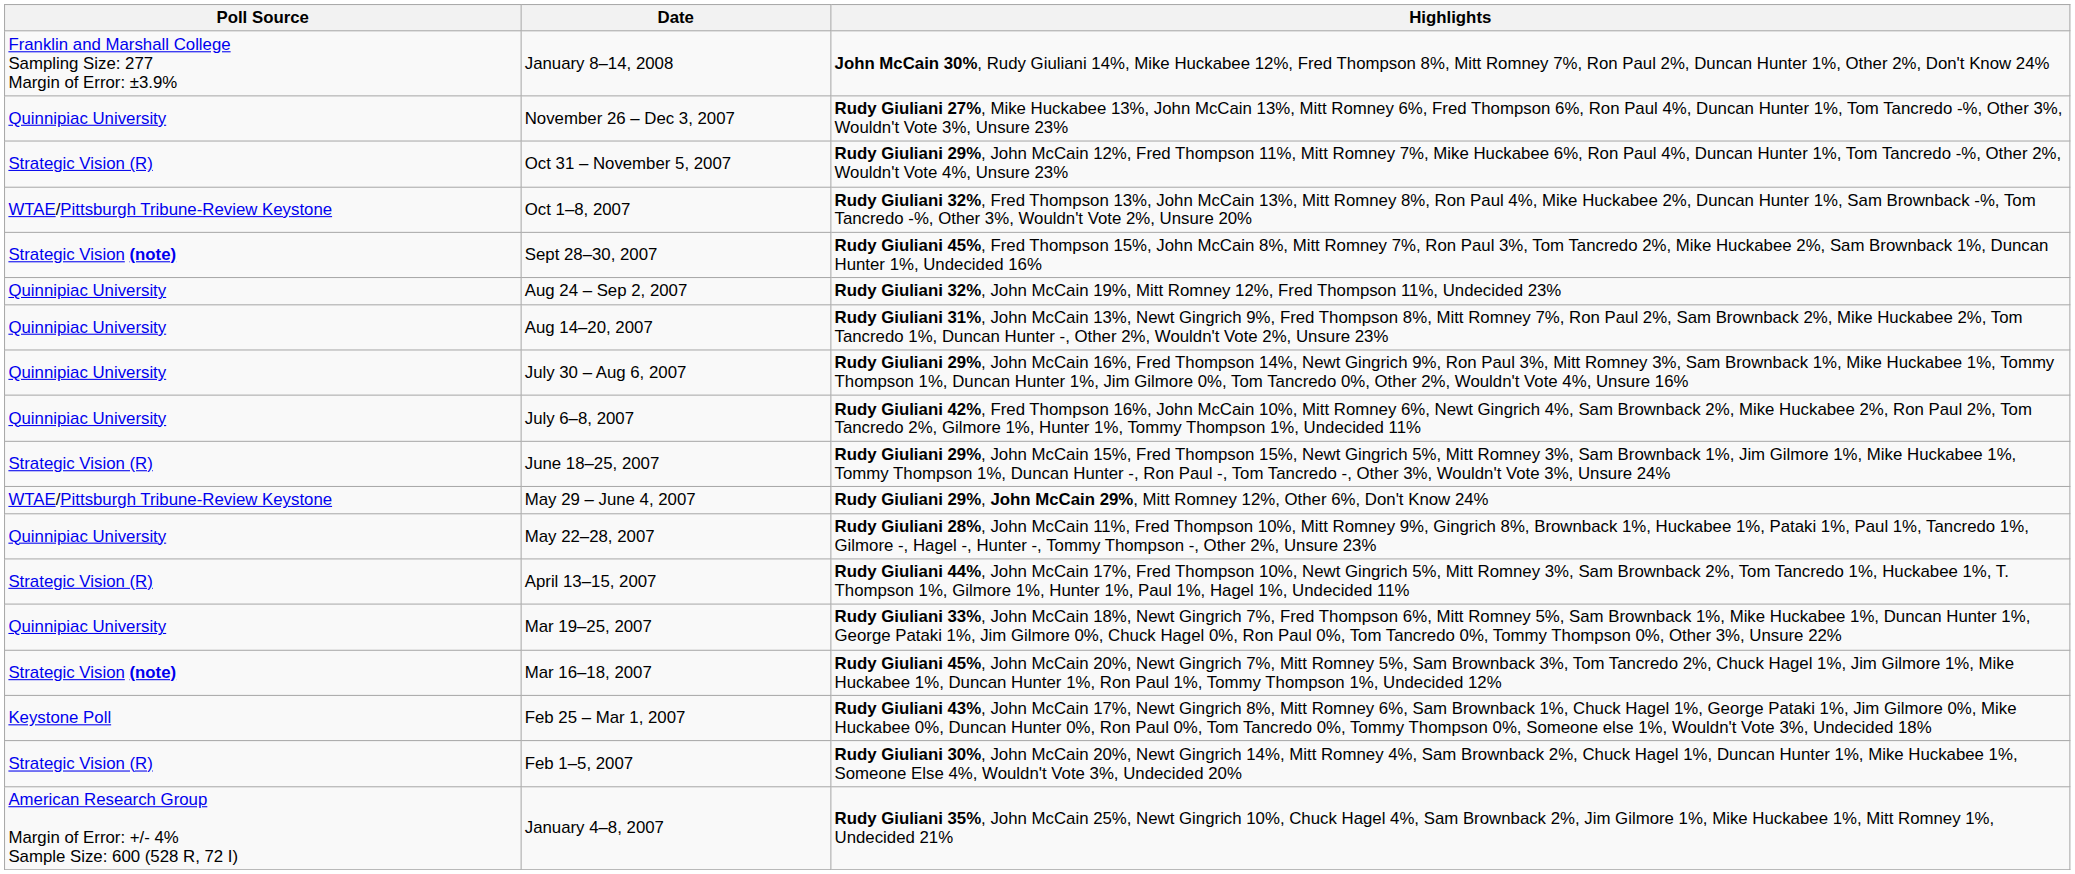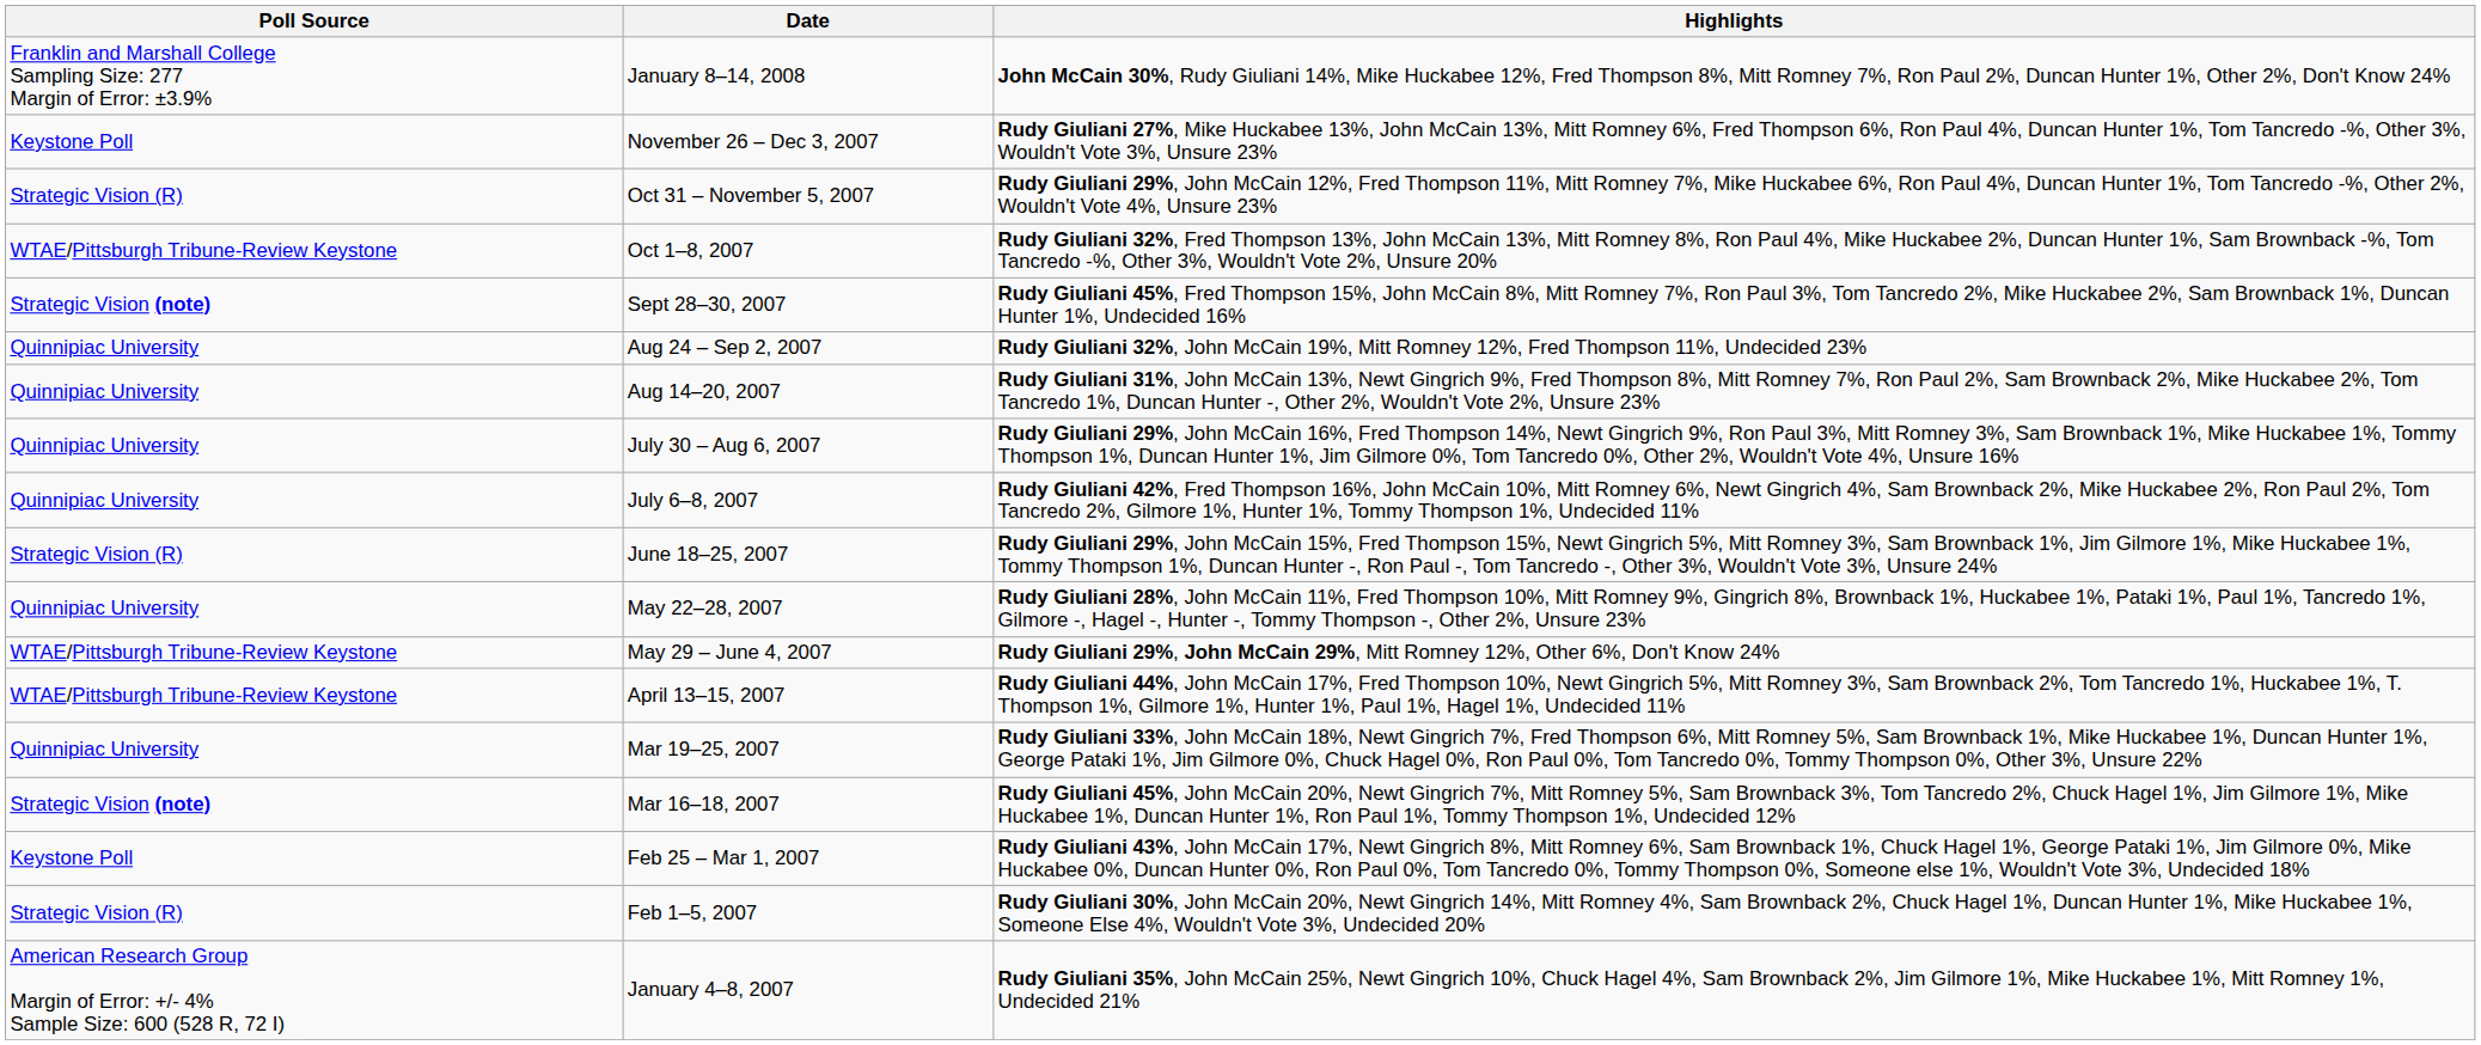 <table class="wikitable sortable">
 <tr>
 <th width="25%">Poll Source</th>
 <th width="15%">Date</th>
 <th width="60%">Highlights</th>
 </tr>
 <tr>
 <td><a href='#'>Franklin and Marshall College</a><br>Sampling Size: 277<br> Margin of Error: ±3.9%</td>
 <td>January 8–14, 2008</td>
 <td><strong>John McCain 30%</strong>, Rudy Giuliani 14%, Mike Huckabee 12%, Fred Thompson 8%, Mitt Romney 7%, Ron Paul 2%, Duncan Hunter 1%, Other 2%, Don't Know 24%</td>
 </tr>
 <tr>
-<td><a href='#'>Quinnipiac University</a></td>
+<td><a href='#'>Keystone Poll</a></td>
 <td>November 26 – Dec 3, 2007</td>
 <td><strong>Rudy Giuliani 27%</strong>, Mike Huckabee 13%, John McCain 13%, Mitt Romney 6%, Fred Thompson 6%, Ron Paul 4%, Duncan Hunter 1%, Tom Tancredo -%, Other 3%, Wouldn't Vote 3%, Unsure 23%</td>
 </tr>
 <tr>
 <td><a href='#'>Strategic Vision (R)</a></td>
 <td>Oct 31 – November 5, 2007</td>
 <td><strong>Rudy Giuliani 29%</strong>, John McCain 12%, Fred Thompson 11%, Mitt Romney 7%, Mike Huckabee 6%, Ron Paul 4%, Duncan Hunter 1%, Tom Tancredo -%, Other 2%, Wouldn't Vote 4%, Unsure 23%</td>
 </tr>
 <tr>
 <td><a href='#'>WTAE</a>/<a href='#'>Pittsburgh Tribune-Review Keystone</a></td>
 <td>Oct 1–8, 2007</td>
 <td><strong>Rudy Giuliani 32%</strong>, Fred Thompson 13%, John McCain 13%, Mitt Romney 8%, Ron Paul 4%, Mike Huckabee 2%, Duncan Hunter 1%, Sam Brownback -%, Tom Tancredo -%, Other 3%, Wouldn't Vote 2%, Unsure 20%</td>
 </tr>
 <tr>
 <td><a href='#'>Strategic Vision</a> <strong><a href='#'>(note)</a></strong></td>
 <td>Sept 28–30, 2007</td>
 <td><strong>Rudy Giuliani 45%</strong>, Fred Thompson 15%, John McCain 8%, Mitt Romney 7%, Ron Paul 3%, Tom Tancredo 2%, Mike Huckabee 2%, Sam Brownback 1%, Duncan Hunter 1%, Undecided 16%</td>
 </tr>
 <tr>
 <td><a href='#'>Quinnipiac University</a></td>
 <td>Aug 24 – Sep 2, 2007</td>
 <td><strong>Rudy Giuliani 32%</strong>, John McCain 19%, Mitt Romney 12%, Fred Thompson 11%, Undecided 23%</td>
 </tr>
 <tr>
 <td><a href='#'>Quinnipiac University</a></td>
 <td>Aug 14–20, 2007</td>
 <td><strong>Rudy Giuliani 31%</strong>, John McCain 13%, Newt Gingrich 9%, Fred Thompson 8%, Mitt Romney 7%, Ron Paul 2%, Sam Brownback 2%, Mike Huckabee 2%, Tom Tancredo 1%, Duncan Hunter -, Other 2%, Wouldn't Vote 2%, Unsure 23%</td>
 </tr>
 <tr>
 <td><a href='#'>Quinnipiac University</a></td>
 <td>July 30 – Aug 6, 2007</td>
 <td><strong>Rudy Giuliani 29%</strong>, John McCain 16%, Fred Thompson 14%, Newt Gingrich 9%, Ron Paul 3%, Mitt Romney 3%, Sam Brownback 1%, Mike Huckabee 1%, Tommy Thompson 1%, Duncan Hunter 1%, Jim Gilmore 0%, Tom Tancredo 0%, Other 2%, Wouldn't Vote 4%, Unsure 16%</td>
 </tr>
 <tr>
 <td><a href='#'>Quinnipiac University</a></td>
 <td>July 6–8, 2007</td>
 <td><strong>Rudy Giuliani 42%</strong>, Fred Thompson 16%, John McCain 10%, Mitt Romney 6%, Newt Gingrich 4%, Sam Brownback 2%, Mike Huckabee 2%, Ron Paul 2%, Tom Tancredo 2%, Gilmore 1%, Hunter 1%, Tommy Thompson 1%, Undecided 11%</td>
 </tr>
 <tr>
 <td><a href='#'>Strategic Vision (R)</a></td>
 <td>June 18–25, 2007</td>
 <td><strong>Rudy Giuliani 29%</strong>, John McCain 15%, Fred Thompson 15%, Newt Gingrich 5%, Mitt Romney 3%, Sam Brownback 1%, Jim Gilmore 1%, Mike Huckabee 1%, Tommy Thompson 1%, Duncan Hunter -, Ron Paul -, Tom Tancredo -, Other 3%, Wouldn't Vote 3%, Unsure 24%</td>
 </tr>
 <tr>
+<td><a href='#'>Quinnipiac University</a></td>
+<td>May 22–28, 2007</td>
+<td><strong>Rudy Giuliani 28%</strong>, John McCain 11%, Fred Thompson 10%, Mitt Romney 9%, Gingrich 8%, Brownback 1%, Huckabee 1%, Pataki 1%, Paul 1%, Tancredo 1%, Gilmore -, Hagel -, Hunter -, Tommy Thompson -, Other 2%, Unsure 23%</td>
+</tr>
+<tr>
 <td><a href='#'>WTAE</a>/<a href='#'>Pittsburgh Tribune-Review Keystone</a></td>
 <td>May 29 – June 4, 2007</td>
 <td><strong>Rudy Giuliani 29%</strong>, <strong>John McCain 29%</strong>, Mitt Romney 12%, Other 6%, Don't Know 24%</td>
 </tr>
 <tr>
-<td><a href='#'>Quinnipiac University</a></td>
-<td>May 22–28, 2007</td>
-<td><strong>Rudy Giuliani 28%</strong>, John McCain 11%, Fred Thompson 10%, Mitt Romney 9%, Gingrich 8%, Brownback 1%, Huckabee 1%, Pataki 1%, Paul 1%, Tancredo 1%, Gilmore -, Hagel -, Hunter -, Tommy Thompson -, Other 2%, Unsure 23%</td>
-</tr>
-<tr>
-<td><a href='#'>Strategic Vision (R)</a></td>
+<td><a href='#'>WTAE</a>/<a href='#'>Pittsburgh Tribune-Review Keystone</a></td>
 <td>April 13–15, 2007</td>
 <td><strong>Rudy Giuliani 44%</strong>, John McCain 17%, Fred Thompson 10%, Newt Gingrich 5%, Mitt Romney 3%, Sam Brownback 2%, Tom Tancredo 1%, Huckabee 1%, T. Thompson 1%, Gilmore 1%, Hunter 1%, Paul 1%, Hagel 1%, Undecided 11%</td>
 </tr>
 <tr>
 <td><a href='#'>Quinnipiac University</a></td>
 <td>Mar 19–25, 2007</td>
 <td><strong>Rudy Giuliani 33%</strong>, John McCain 18%, Newt Gingrich 7%, Fred Thompson 6%, Mitt Romney 5%, Sam Brownback 1%, Mike Huckabee 1%, Duncan Hunter 1%, George Pataki 1%, Jim Gilmore 0%, Chuck Hagel 0%, Ron Paul 0%, Tom Tancredo 0%, Tommy Thompson 0%, Other 3%, Unsure 22%</td>
 </tr>
 <tr>
 <td><a href='#'>Strategic Vision</a> <strong><a href='#'>(note)</a></strong></td>
 <td>Mar 16–18, 2007</td>
 <td><strong>Rudy Giuliani 45%</strong>, John McCain 20%, Newt Gingrich 7%, Mitt Romney 5%, Sam Brownback 3%, Tom Tancredo 2%, Chuck Hagel 1%, Jim Gilmore 1%, Mike Huckabee 1%, Duncan Hunter 1%, Ron Paul 1%, Tommy Thompson 1%, Undecided 12%</td>
 </tr>
 <tr>
 <td><a href='#'>Keystone Poll</a></td>
 <td>Feb 25 – Mar 1, 2007</td>
 <td><strong>Rudy Giuliani 43%</strong>, John McCain 17%, Newt Gingrich 8%, Mitt Romney 6%, Sam Brownback 1%, Chuck Hagel 1%, George Pataki 1%, Jim Gilmore 0%, Mike Huckabee 0%, Duncan Hunter 0%, Ron Paul 0%, Tom Tancredo 0%, Tommy Thompson 0%, Someone else 1%, Wouldn't Vote 3%, Undecided 18%</td>
 </tr>
 <tr>
 <td><a href='#'>Strategic Vision (R)</a></td>
 <td>Feb 1–5, 2007</td>
 <td><strong>Rudy Giuliani 30%</strong>, John McCain 20%, Newt Gingrich 14%, Mitt Romney 4%, Sam Brownback 2%, Chuck Hagel 1%, Duncan Hunter 1%, Mike Huckabee 1%, Someone Else 4%, Wouldn't Vote 3%, Undecided 20%</td>
 </tr>
 <tr>
 <td><a href='#'>American Research Group</a><br><br>Margin of Error: +/- 4%<br> Sample Size: 600 (528 R, 72 I)</td>
 <td>January 4–8, 2007</td>
 <td><strong>Rudy Giuliani 35%</strong>, John McCain 25%, Newt Gingrich 10%, Chuck Hagel 4%, Sam Brownback 2%, Jim Gilmore 1%, Mike Huckabee 1%, Mitt Romney 1%, Undecided 21%</td>
 </tr>
 </table>
